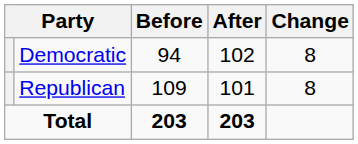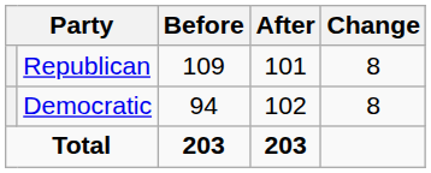 <table class="wikitable" style="text-align:center;">
 <tr>
 <th colspan="2">Party</th>
 <th>Before</th>
 <th>After</th>
 <th>Change</th>
 </tr>
 <tr>
 <th style="background-color:"></th>
-<td style="text-align:left;"><a href='#'>Democratic</a></td>
-<td>94</td>
-<td>102</td>
+<td style="text-align:left;"><a href='#'>Republican</a></td>
+<td>109</td>
+<td>101</td>
 <td> 8</td>
 </tr>
 <tr>
 <th style="background-color:"></th>
-<td style="text-align:left;"><a href='#'>Republican</a></td>
-<td>109</td>
-<td>101</td>
+<td style="text-align:left;"><a href='#'>Democratic</a></td>
+<td>94</td>
+<td>102</td>
 <td> 8</td>
 </tr>
 <tr>
 <td colspan="2"><strong>Total</strong></td>
 <td><strong>203</strong></td>
 <td><strong>203</strong></td>
 <td></td>
 </tr>
 </table>
